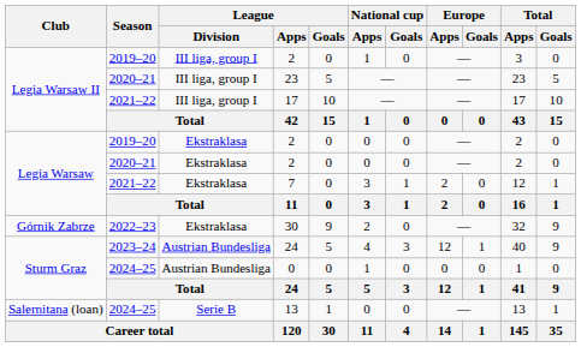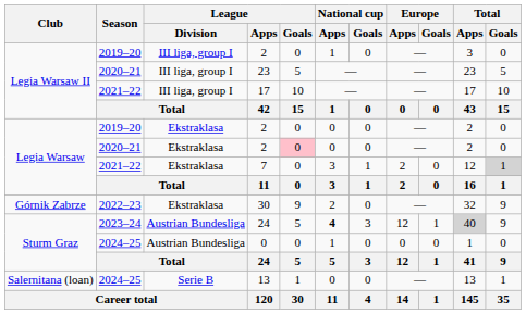 <table class="wikitable" style="text-align:center">
 <tr>
 <th rowspan="2">Club</th>
 <th rowspan="2">Season</th>
 <th colspan="3">League</th>
 <th colspan="2">National cup</th>
 <th colspan="2">Europe</th>
 <th colspan="2">Total</th>
 </tr>
 <tr>
 <th>Division</th>
 <th>Apps</th>
 <th>Goals</th>
 <th>Apps</th>
 <th>Goals</th>
 <th>Apps</th>
 <th>Goals</th>
 <th>Apps</th>
 <th>Goals</th>
 </tr>
 <tr>
 <td rowspan="4"><a href='#'>Legia Warsaw II</a></td>
 <td><a href='#'>2019–20</a></td>
 <td><a href='#'>III liga, group I</a></td>
 <td>2</td>
 <td>0</td>
 <td>1</td>
 <td>0</td>
 <td colspan="2">—</td>
 <td>3</td>
 <td>0</td>
 </tr>
 <tr>
 <td><a href='#'>2020–21</a></td>
 <td>III liga, group I</td>
 <td>23</td>
 <td>5</td>
 <td colspan="2">—</td>
 <td colspan="2">—</td>
 <td>23</td>
 <td>5</td>
 </tr>
 <tr>
 <td><a href='#'>2021–22</a></td>
 <td>III liga, group I</td>
 <td>17</td>
 <td>10</td>
 <td colspan="2">—</td>
 <td colspan="2">—</td>
 <td>17</td>
 <td>10</td>
 </tr>
 <tr>
 <th colspan="2">Total</th>
 <th>42</th>
 <th>15</th>
 <th>1</th>
 <th>0</th>
 <th>0</th>
 <th>0</th>
 <th>43</th>
 <th>15</th>
 </tr>
 <tr>
 <td rowspan="4"><a href='#'>Legia Warsaw</a></td>
 <td><a href='#'>2019–20</a></td>
 <td><a href='#'>Ekstraklasa</a></td>
 <td>2</td>
 <td>0</td>
 <td>0</td>
 <td>0</td>
 <td colspan="2">—</td>
 <td>2</td>
 <td>0</td>
 </tr>
 <tr>
 <td><a href='#'>2020–21</a></td>
 <td>Ekstraklasa</td>
 <td>2</td>
-<td>0</td>
+<td style="background: pink;">0</td>
 <td>0</td>
 <td>0</td>
 <td colspan="2">—</td>
 <td>2</td>
 <td>0</td>
 </tr>
 <tr>
 <td><a href='#'>2021–22</a></td>
 <td>Ekstraklasa</td>
 <td>7</td>
 <td>0</td>
 <td>3</td>
 <td>1</td>
 <td>2</td>
 <td>0</td>
 <td>12</td>
-<td>1</td>
+<td style="background: lightgrey;">1</td>
 </tr>
 <tr>
 <th colspan="2">Total</th>
 <th>11</th>
 <th>0</th>
 <th>3</th>
 <th>1</th>
 <th>2</th>
 <th>0</th>
 <th>16</th>
 <th>1</th>
 </tr>
 <tr>
 <td><a href='#'>Górnik Zabrze</a></td>
 <td><a href='#'>2022–23</a></td>
 <td>Ekstraklasa</td>
 <td>30</td>
 <td>9</td>
 <td>2</td>
 <td>0</td>
 <td colspan="2">—</td>
 <td>32</td>
 <td>9</td>
 </tr>
 <tr>
 <td rowspan="3"><a href='#'>Sturm Graz</a></td>
 <td><a href='#'>2023–24</a></td>
 <td><a href='#'>Austrian Bundesliga</a></td>
 <td>24</td>
 <td>5</td>
-<td>4</td>
+<td><strong>4</strong></td>
 <td>3</td>
 <td>12</td>
 <td>1</td>
-<td>40</td>
+<td style="background: lightgrey;">40</td>
 <td>9</td>
 </tr>
 <tr>
 <td><a href='#'>2024–25</a></td>
 <td>Austrian Bundesliga</td>
 <td>0</td>
 <td>0</td>
 <td>1</td>
 <td>0</td>
 <td>0</td>
 <td>0</td>
 <td>1</td>
 <td>0</td>
 </tr>
 <tr>
 <th colspan="2">Total</th>
 <th>24</th>
 <th>5</th>
 <th>5</th>
 <th>3</th>
 <th>12</th>
 <th>1</th>
 <th>41</th>
 <th>9</th>
 </tr>
 <tr>
 <td><a href='#'>Salernitana</a> (loan)</td>
 <td><a href='#'>2024–25</a></td>
 <td><a href='#'>Serie B</a></td>
 <td>13</td>
 <td>1</td>
 <td>0</td>
 <td>0</td>
 <td colspan="2">—</td>
 <td>13</td>
 <td>1</td>
 </tr>
 <tr>
 <th colspan="3">Career total</th>
 <th>120</th>
 <th>30</th>
 <th>11</th>
 <th>4</th>
 <th>14</th>
 <th>1</th>
 <th>145</th>
 <th>35</th>
 </tr>
 </table>
